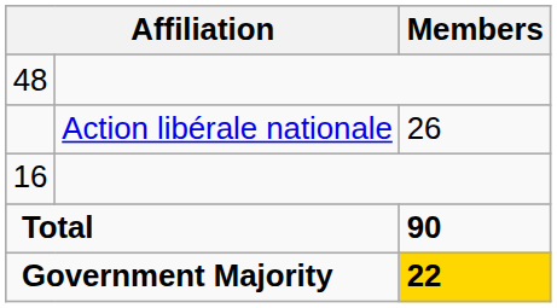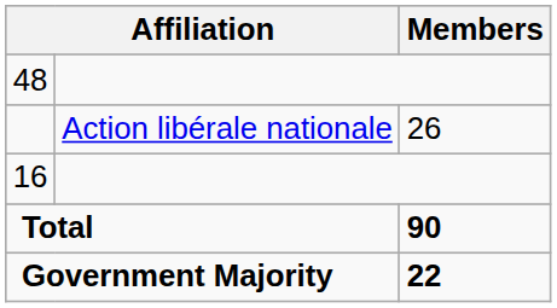 <table class="wikitable">
 <tr>
 <th colspan="2">Affiliation</th>
 <th>Members</th>
 </tr>
 <tr>
 <td>48</td>
 </tr>
 <tr>
 <td></td>
 <td align=left><a href='#'>Action libérale nationale</a></td>
 <td>26</td>
 </tr>
 <tr>
 <td>16</td>
 </tr>
 <tr>
 <td colspan="2" rowspan="1" align=left> <strong>Total</strong><br></td>
 <td><strong>90</strong></td>
 </tr>
 <tr>
 <td colspan="2" rowspan="1" align=left> <strong>Government Majority</strong><br></td>
-<td style="background: gold;"><strong>22</strong></td>
+<td><strong>22</strong></td>
 </tr>
 </table>
